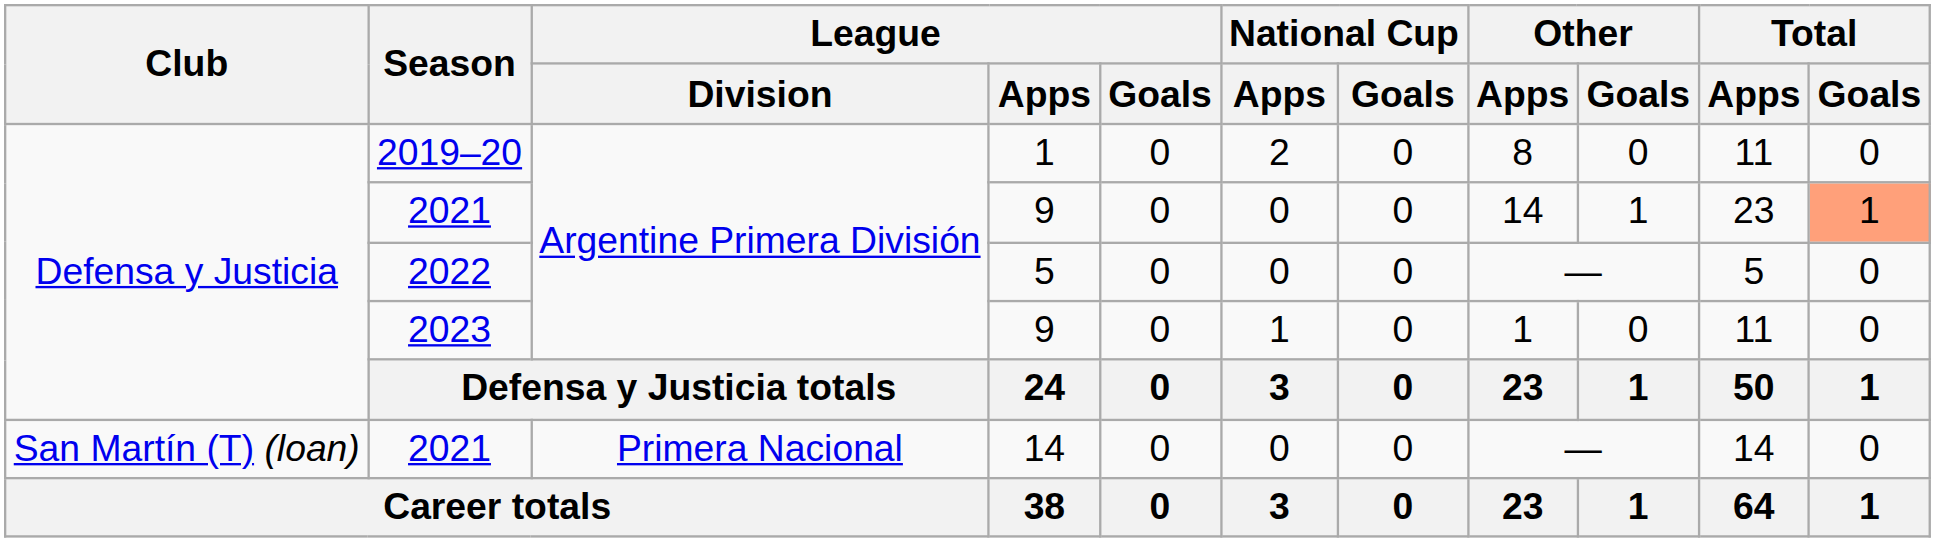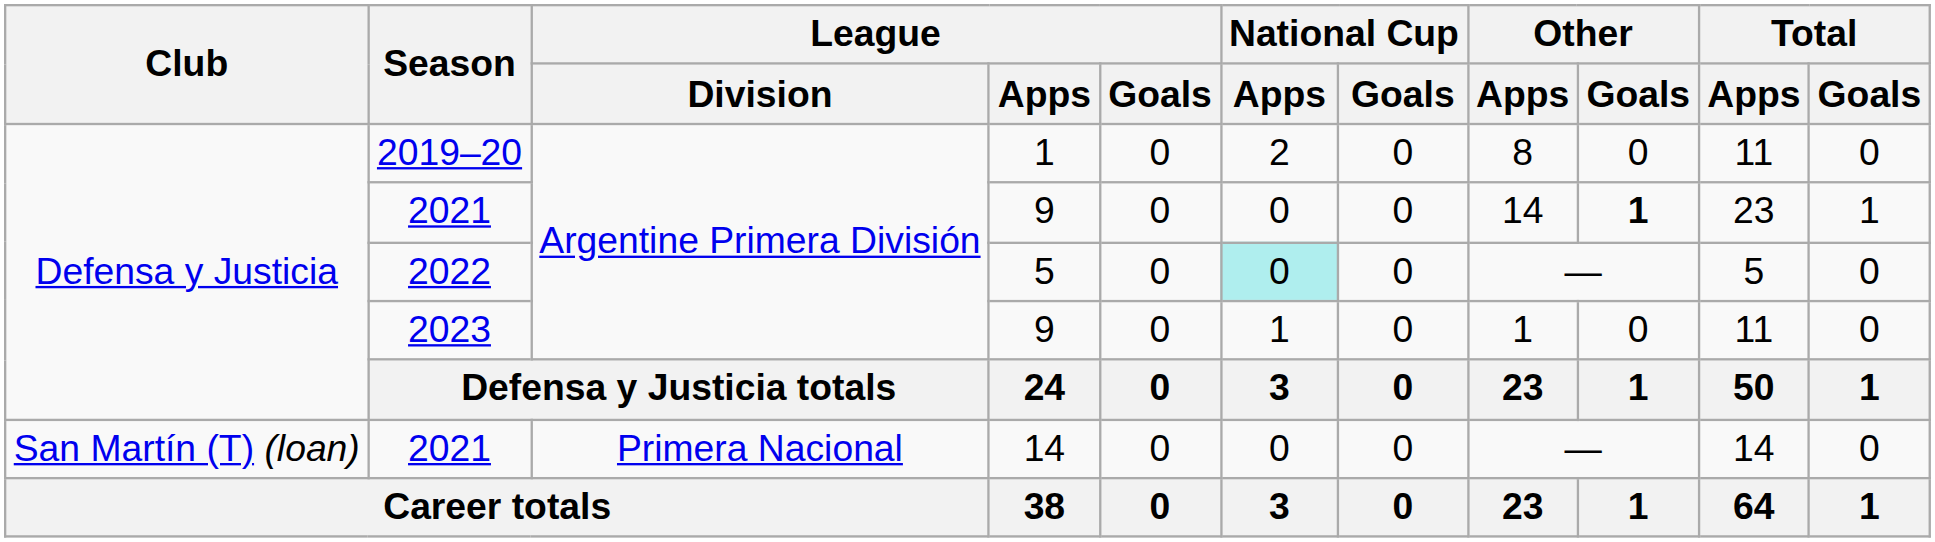 <table class="wikitable" style="text-align:center">
 <tr>
 <th rowspan="2">Club</th>
 <th rowspan="2">Season</th>
 <th colspan="3">League</th>
 <th colspan="2">National Cup</th>
 <th colspan="2">Other</th>
 <th colspan="2">Total</th>
 </tr>
 <tr>
 <th>Division</th>
 <th>Apps</th>
 <th>Goals</th>
 <th>Apps</th>
 <th>Goals</th>
 <th>Apps</th>
 <th>Goals</th>
 <th>Apps</th>
 <th>Goals</th>
 </tr>
 <tr>
 <td rowspan="5"><a href='#'>Defensa y Justicia</a></td>
 <td><a href='#'>2019–20</a></td>
 <td rowspan="4"><a href='#'>Argentine Primera División</a></td>
 <td>1</td>
 <td>0</td>
 <td>2</td>
 <td>0</td>
 <td>8</td>
 <td>0</td>
 <td>11</td>
 <td>0</td>
 </tr>
 <tr>
 <td><a href='#'>2021</a></td>
 <td>9</td>
 <td>0</td>
 <td>0</td>
 <td>0</td>
 <td>14</td>
+<td><strong>1</strong></td>
+<td>23</td>
 <td>1</td>
-<td>23</td>
-<td style="background: lightsalmon;">1</td>
 </tr>
 <tr>
 <td><a href='#'>2022</a></td>
 <td>5</td>
 <td>0</td>
-<td>0</td>
+<td style="background: paleturquoise;">0</td>
 <td>0</td>
 <td colspan="2">—</td>
 <td>5</td>
 <td>0</td>
 </tr>
 <tr>
 <td><a href='#'>2023</a></td>
 <td>9</td>
 <td>0</td>
 <td>1</td>
 <td>0</td>
 <td>1</td>
 <td>0</td>
 <td>11</td>
 <td>0</td>
 </tr>
 <tr>
 <th colspan="2">Defensa y Justicia totals</th>
 <th>24</th>
 <th>0</th>
 <th>3</th>
 <th>0</th>
 <th>23</th>
 <th>1</th>
 <th>50</th>
 <th>1</th>
 </tr>
 <tr>
 <td><a href='#'>San Martín (T)</a> <em>(loan)</em></td>
 <td><a href='#'>2021</a></td>
 <td><a href='#'>Primera Nacional</a></td>
 <td>14</td>
 <td>0</td>
 <td>0</td>
 <td>0</td>
 <td colspan="2">—</td>
 <td>14</td>
 <td>0</td>
 </tr>
 <tr>
 <th colspan="3">Career totals</th>
 <th>38</th>
 <th>0</th>
 <th>3</th>
 <th>0</th>
 <th>23</th>
 <th>1</th>
 <th>64</th>
 <th>1</th>
 </tr>
 </table>
